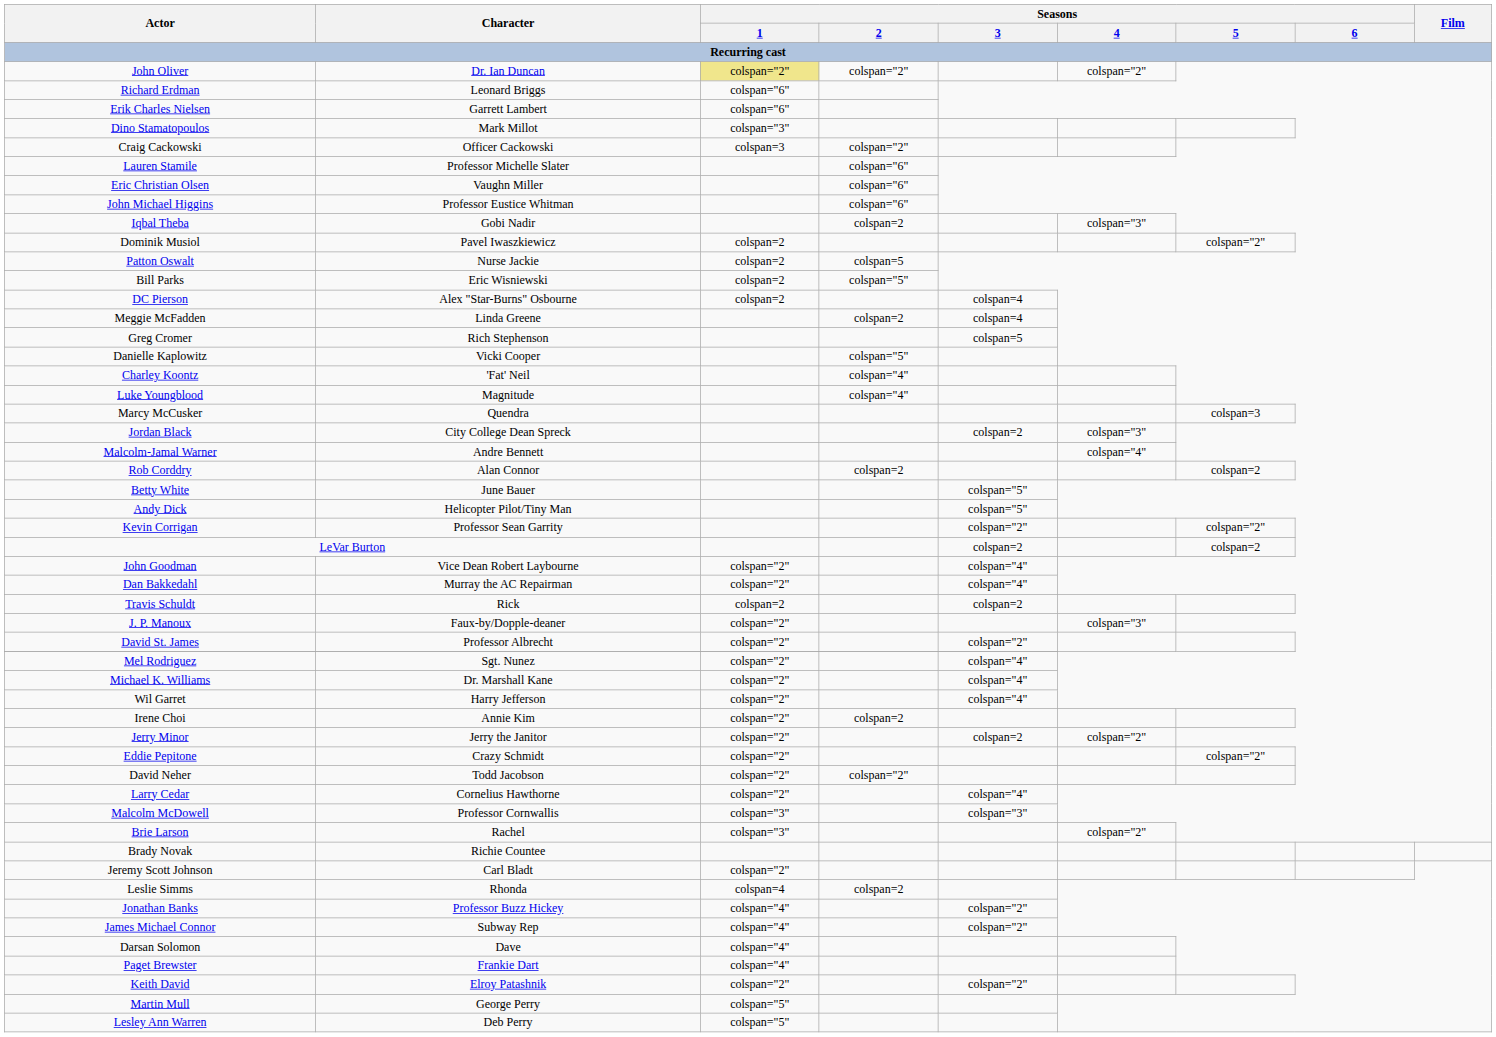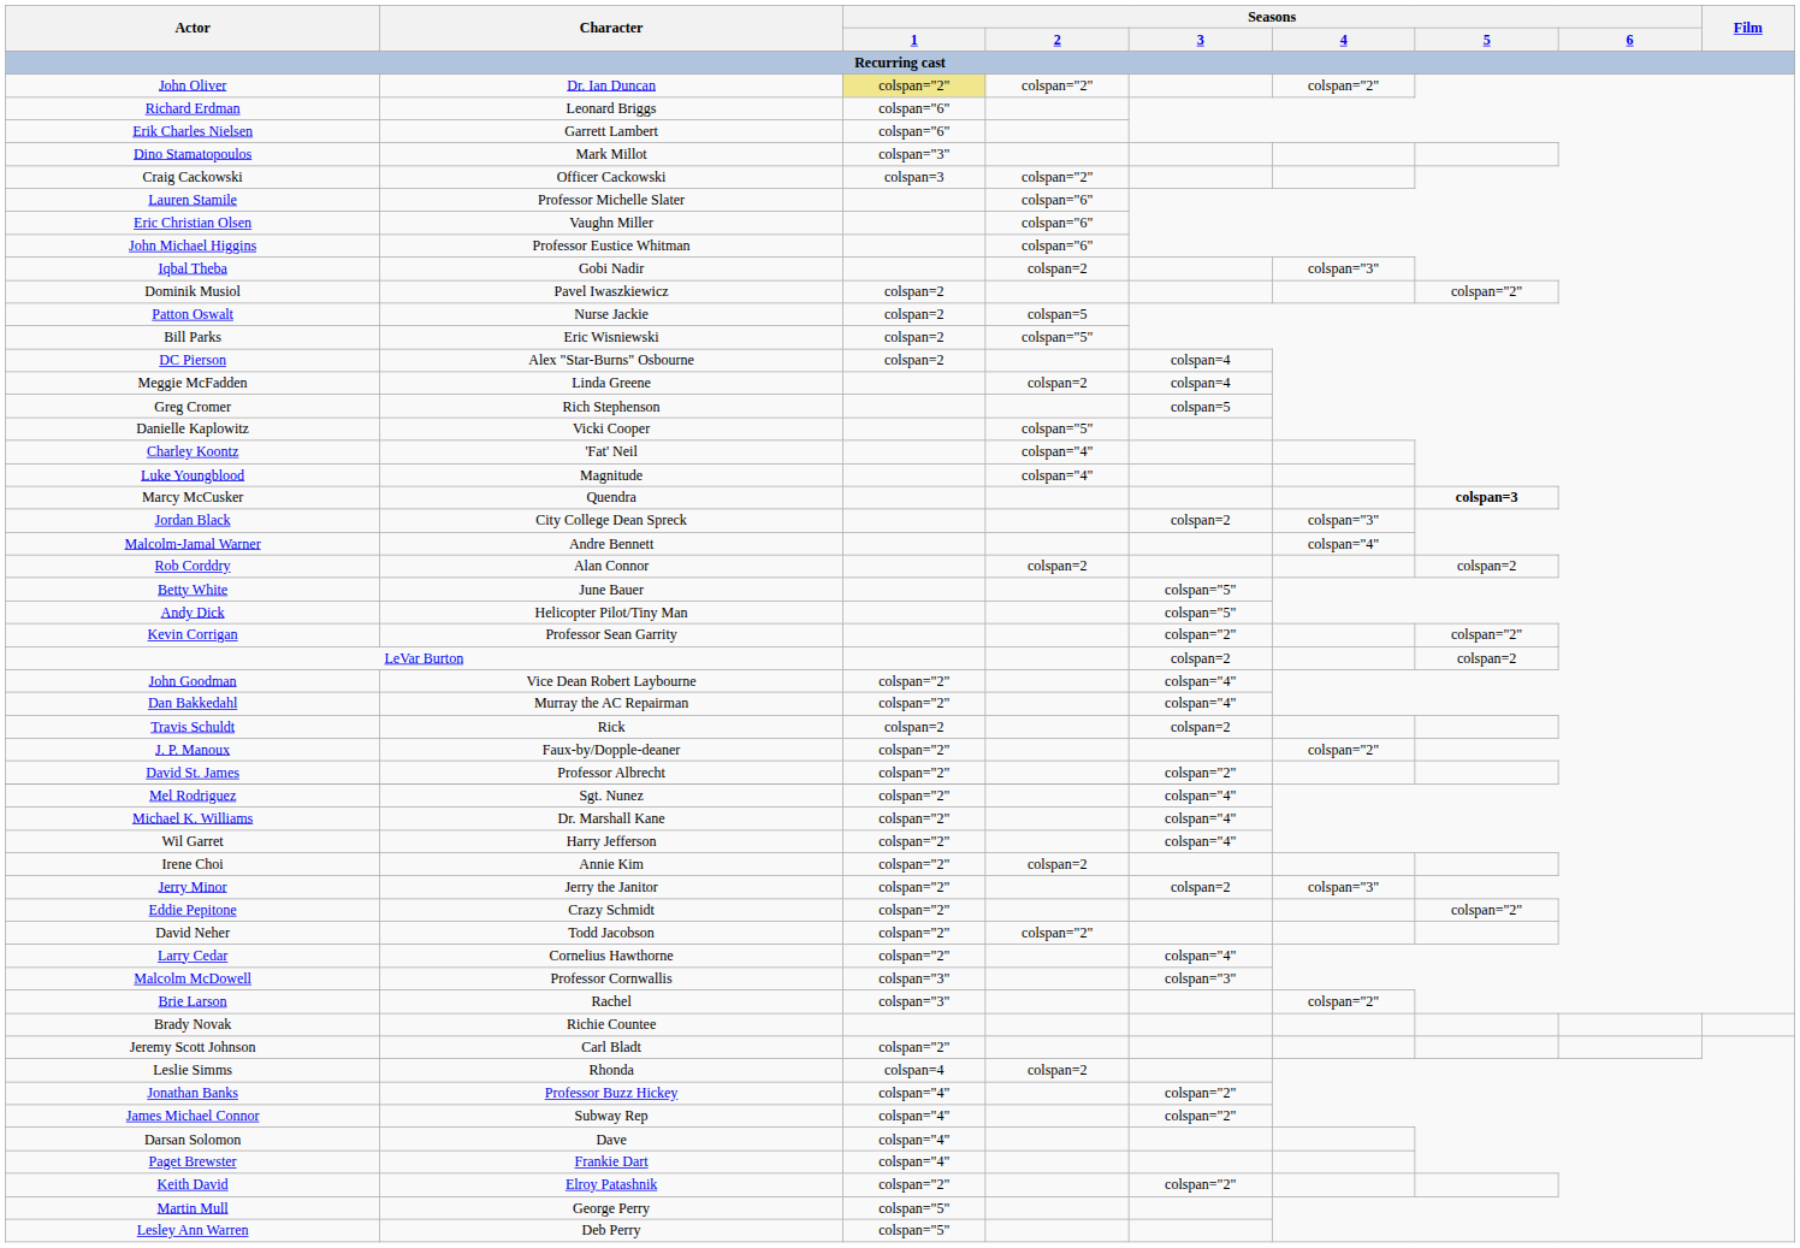 <table class="wikitable plainrowheaders" style="text-align:center;" width="100%">
 <tr>
 <th scope="col" rowspan="2">Actor</th>
 <th scope="col" rowspan="2">Character</th>
 <th scope="col" colspan="6">Seasons</th>
 <th scope="col" rowspan="2"><a href='#'>Film</a></th>
 </tr>
 <tr>
 <th scope="col" style="width:8%;"><a href='#'>1</a></th>
 <th scope="col" style="width:8%;"><a href='#'>2</a></th>
 <th scope="col" style="width:8%;"><a href='#'>3</a></th>
 <th scope="col" style="width:8%;"><a href='#'>4</a></th>
 <th scope="col" style="width:8%;"><a href='#'>5</a></th>
 <th scope="col" style="width:8%;"><a href='#'>6</a></th>
 </tr>
 <tr>
 <th colspan="13" style="background: LightSteelBlue;">Recurring cast</th>
 </tr>
 <tr>
 <td><a href='#'>John Oliver</a></td>
 <td align="center"><a href='#'>Dr. Ian Duncan</a></td>
 <td style="background: khaki;">colspan="2" </td>
 <td>colspan="2" </td>
 <td></td>
 <td>colspan="2" </td>
 </tr>
 <tr>
 <td><a href='#'>Richard Erdman</a></td>
 <td>Leonard Briggs</td>
 <td>colspan="6" </td>
 <td></td>
 </tr>
 <tr>
 <td><a href='#'>Erik Charles Nielsen</a></td>
 <td>Garrett Lambert</td>
 <td>colspan="6" </td>
 <td></td>
 </tr>
 <tr>
 <td><a href='#'>Dino Stamatopoulos</a></td>
 <td>Mark Millot</td>
 <td>colspan="3" </td>
 <td></td>
 <td></td>
 <td></td>
 <td></td>
 </tr>
 <tr>
 <td>Craig Cackowski</td>
 <td>Officer Cackowski</td>
 <td>colspan=3 </td>
 <td>colspan="2" </td>
 <td></td>
 <td></td>
 </tr>
 <tr>
 <td><a href='#'>Lauren Stamile</a></td>
 <td>Professor Michelle Slater</td>
 <td></td>
 <td>colspan="6" </td>
 </tr>
 <tr>
 <td><a href='#'>Eric Christian Olsen</a></td>
 <td>Vaughn Miller</td>
 <td></td>
 <td>colspan="6" </td>
 </tr>
 <tr>
 <td><a href='#'>John Michael Higgins</a></td>
 <td>Professor Eustice Whitman</td>
 <td></td>
 <td>colspan="6" </td>
 </tr>
 <tr>
 <td><a href='#'>Iqbal Theba</a></td>
 <td>Gobi Nadir</td>
 <td></td>
 <td>colspan=2 </td>
 <td></td>
 <td>colspan="3" </td>
 </tr>
 <tr>
 <td>Dominik Musiol</td>
 <td>Pavel Iwaszkiewicz</td>
 <td>colspan=2 </td>
 <td></td>
 <td></td>
 <td></td>
 <td>colspan="2" </td>
 </tr>
 <tr>
 <td><a href='#'>Patton Oswalt</a></td>
 <td>Nurse Jackie</td>
 <td>colspan=2 </td>
 <td>colspan=5 </td>
 </tr>
 <tr>
 <td>Bill Parks</td>
 <td>Eric Wisniewski</td>
 <td>colspan=2 </td>
 <td>colspan="5" </td>
 </tr>
 <tr>
 <td><a href='#'>DC Pierson</a></td>
 <td>Alex "Star-Burns" Osbourne</td>
 <td>colspan=2 </td>
 <td></td>
 <td>colspan=4 </td>
 </tr>
 <tr>
 <td>Meggie McFadden</td>
 <td>Linda Greene</td>
 <td></td>
 <td>colspan=2 </td>
 <td>colspan=4 </td>
 </tr>
 <tr>
 <td>Greg Cromer</td>
 <td>Rich Stephenson</td>
 <td></td>
 <td></td>
 <td>colspan=5 </td>
 </tr>
 <tr>
 <td>Danielle Kaplowitz</td>
 <td>Vicki Cooper</td>
 <td></td>
 <td>colspan="5" </td>
 <td></td>
 </tr>
 <tr>
 <td><a href='#'>Charley Koontz</a></td>
 <td>'Fat' Neil</td>
 <td></td>
 <td>colspan="4" </td>
 <td></td>
 <td></td>
 </tr>
 <tr>
 <td><a href='#'>Luke Youngblood</a></td>
 <td>Magnitude</td>
 <td></td>
 <td>colspan="4" </td>
 <td></td>
 <td></td>
 </tr>
 <tr>
 <td>Marcy McCusker</td>
 <td>Quendra</td>
 <td></td>
 <td></td>
 <td></td>
 <td></td>
-<td>colspan=3 </td>
+<td><strong>colspan=3 </strong></td>
 </tr>
 <tr>
 <td><a href='#'>Jordan Black</a></td>
 <td>City College Dean Spreck</td>
 <td></td>
 <td></td>
 <td>colspan=2 </td>
 <td>colspan="3" </td>
 </tr>
 <tr>
 <td><a href='#'>Malcolm-Jamal Warner</a></td>
 <td>Andre Bennett</td>
 <td></td>
 <td></td>
 <td></td>
 <td>colspan="4" </td>
 </tr>
 <tr>
 <td><a href='#'>Rob Corddry</a></td>
 <td>Alan Connor</td>
 <td></td>
 <td>colspan=2 </td>
 <td></td>
 <td></td>
 <td>colspan=2 </td>
 </tr>
 <tr>
 <td><a href='#'>Betty White</a></td>
 <td>June Bauer</td>
 <td></td>
 <td></td>
 <td>colspan="5" </td>
 </tr>
 <tr>
 <td><a href='#'>Andy Dick</a></td>
 <td>Helicopter Pilot/Tiny Man</td>
 <td></td>
 <td></td>
 <td>colspan="5" </td>
 </tr>
 <tr>
 <td><a href='#'>Kevin Corrigan</a></td>
 <td>Professor Sean Garrity</td>
 <td></td>
 <td></td>
 <td>colspan="2" </td>
 <td></td>
 <td>colspan="2" </td>
 </tr>
 <tr>
 <td colspan=2><a href='#'>LeVar Burton</a></td>
 <td></td>
 <td></td>
 <td>colspan=2 </td>
 <td></td>
 <td>colspan=2 </td>
 </tr>
 <tr>
 <td><a href='#'>John Goodman</a></td>
 <td>Vice Dean Robert Laybourne</td>
 <td>colspan="2" </td>
 <td></td>
 <td>colspan="4" </td>
 </tr>
 <tr>
 <td><a href='#'>Dan Bakkedahl</a></td>
 <td>Murray the AC Repairman</td>
 <td>colspan="2" </td>
 <td></td>
 <td>colspan="4" </td>
 </tr>
 <tr>
 <td><a href='#'>Travis Schuldt</a></td>
 <td>Rick</td>
 <td>colspan=2 </td>
 <td></td>
 <td>colspan=2 </td>
 <td></td>
 <td></td>
 </tr>
 <tr>
 <td><a href='#'>J. P. Manoux</a></td>
 <td>Faux-by/Dopple-deaner</td>
 <td>colspan="2" </td>
 <td></td>
 <td></td>
-<td>colspan="3" </td>
+<td>colspan="2" </td>
 </tr>
 <tr>
 <td><a href='#'>David St. James</a></td>
 <td>Professor Albrecht</td>
 <td>colspan="2" </td>
 <td></td>
 <td>colspan="2" </td>
 <td></td>
 <td></td>
 </tr>
 <tr>
 </tr>
 <tr>
 <td><a href='#'>Mel Rodriguez</a></td>
 <td>Sgt. Nunez</td>
 <td>colspan="2" </td>
 <td></td>
 <td>colspan="4" </td>
 </tr>
 <tr>
 <td><a href='#'>Michael K. Williams</a></td>
 <td>Dr. Marshall Kane</td>
 <td>colspan="2" </td>
 <td></td>
 <td>colspan="4" </td>
 </tr>
 <tr>
 <td>Wil Garret</td>
 <td>Harry Jefferson</td>
 <td>colspan="2" </td>
 <td></td>
 <td>colspan="4" </td>
 </tr>
 <tr>
 <td>Irene Choi</td>
 <td>Annie Kim</td>
 <td>colspan="2" </td>
 <td>colspan=2 </td>
 <td></td>
 <td></td>
 <td></td>
 </tr>
 <tr>
 <td><a href='#'>Jerry Minor</a></td>
 <td>Jerry the Janitor</td>
 <td>colspan="2" </td>
 <td></td>
 <td>colspan=2 </td>
-<td>colspan="2" </td>
+<td>colspan="3" </td>
 </tr>
 <tr>
 <td><a href='#'>Eddie Pepitone</a></td>
 <td>Crazy Schmidt</td>
 <td>colspan="2" </td>
 <td></td>
 <td></td>
 <td></td>
 <td>colspan="2" </td>
 </tr>
 <tr>
 <td>David Neher</td>
 <td>Todd Jacobson</td>
 <td>colspan="2" </td>
 <td>colspan="2" </td>
 <td></td>
 <td></td>
 <td></td>
 </tr>
 <tr>
 <td><a href='#'>Larry Cedar</a></td>
 <td>Cornelius Hawthorne</td>
 <td>colspan="2" </td>
 <td></td>
 <td>colspan="4" </td>
 </tr>
 <tr>
 <td><a href='#'>Malcolm McDowell</a></td>
 <td>Professor Cornwallis</td>
 <td>colspan="3" </td>
 <td></td>
 <td>colspan="3" </td>
 </tr>
 <tr>
 <td><a href='#'>Brie Larson</a></td>
 <td>Rachel</td>
 <td>colspan="3" </td>
 <td></td>
 <td></td>
 <td>colspan="2" </td>
 </tr>
 <tr>
 <td>Brady Novak</td>
 <td>Richie Countee</td>
 <td></td>
 <td></td>
 <td></td>
 <td></td>
 <td></td>
 <td></td>
 <td></td>
 </tr>
 <tr>
 <td>Jeremy Scott Johnson</td>
 <td>Carl Bladt</td>
 <td>colspan="2" </td>
 <td></td>
 <td></td>
 <td></td>
 <td></td>
 <td></td>
 </tr>
 <tr>
 <td>Leslie Simms</td>
 <td>Rhonda</td>
 <td>colspan=4 </td>
 <td>colspan=2 </td>
 <td></td>
 </tr>
 <tr>
 <td><a href='#'>Jonathan Banks</a></td>
 <td align="center"><a href='#'>Professor Buzz Hickey</a></td>
 <td>colspan="4" </td>
 <td></td>
 <td>colspan="2" </td>
 </tr>
 <tr>
 <td><a href='#'>James Michael Connor</a></td>
 <td>Subway Rep</td>
 <td>colspan="4" </td>
 <td></td>
 <td>colspan="2" </td>
 </tr>
 <tr>
 <td>Darsan Solomon</td>
 <td>Dave</td>
 <td>colspan="4" </td>
 <td></td>
 <td></td>
 <td></td>
 </tr>
 <tr>
 <td><a href='#'>Paget Brewster</a></td>
 <td align="center"><a href='#'>Frankie Dart</a></td>
 <td>colspan="4" </td>
 <td></td>
 <td></td>
 <td></td>
 </tr>
 <tr>
 <td><a href='#'>Keith David</a></td>
 <td align="center"><a href='#'>Elroy Patashnik</a></td>
 <td>colspan="2" </td>
 <td></td>
 <td>colspan="2" </td>
 <td></td>
 <td></td>
 </tr>
 <tr>
 <td><a href='#'>Martin Mull</a></td>
 <td>George Perry</td>
 <td>colspan="5" </td>
 <td></td>
 <td></td>
 </tr>
 <tr>
 <td><a href='#'>Lesley Ann Warren</a></td>
 <td>Deb Perry</td>
 <td>colspan="5" </td>
 <td></td>
 <td></td>
 </tr>
 </table>
